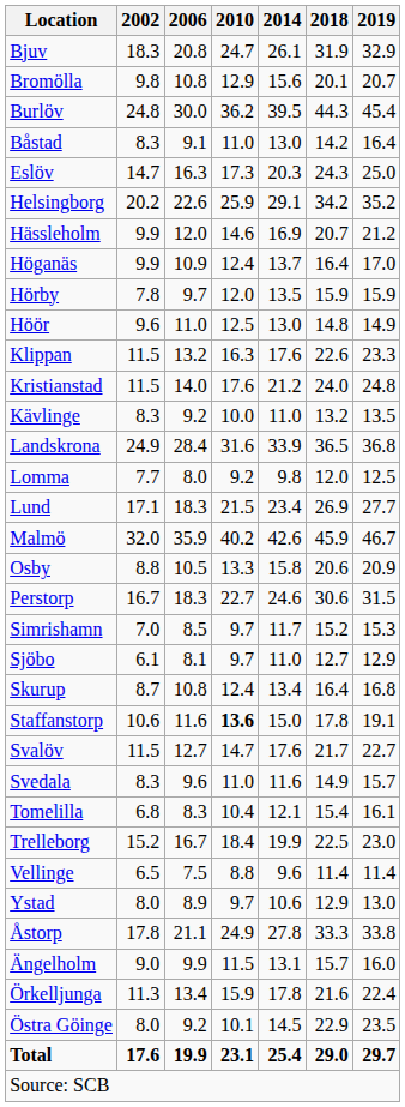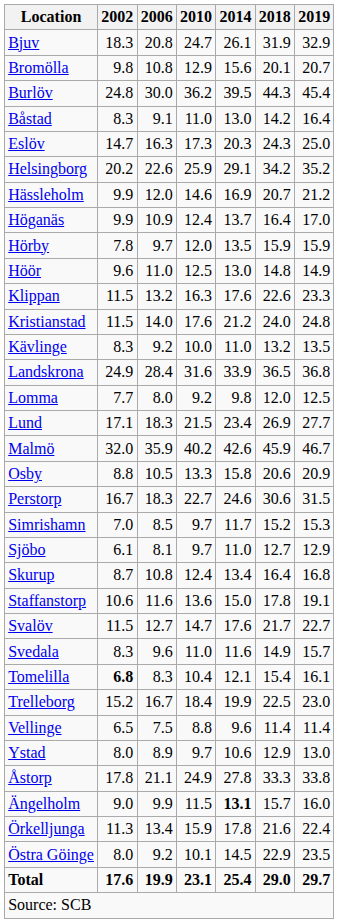 <table class="wikitable sortable" style=text-align:right>
 <tr>
 <th>Location</th>
 <th>2002</th>
 <th>2006</th>
 <th>2010</th>
 <th>2014</th>
 <th>2018</th>
 <th>2019</th>
 </tr>
 <tr>
 <td align=left><a href='#'>Bjuv</a></td>
 <td>18.3</td>
 <td>20.8</td>
 <td>24.7</td>
 <td>26.1</td>
 <td>31.9</td>
 <td>32.9</td>
 </tr>
 <tr>
 <td align=left><a href='#'>Bromölla</a></td>
 <td>9.8</td>
 <td>10.8</td>
 <td>12.9</td>
 <td>15.6</td>
 <td>20.1</td>
 <td>20.7</td>
 </tr>
 <tr>
 <td align=left><a href='#'>Burlöv</a></td>
 <td>24.8</td>
 <td>30.0</td>
 <td>36.2</td>
 <td>39.5</td>
 <td>44.3</td>
 <td>45.4</td>
 </tr>
 <tr>
 <td align=left><a href='#'>Båstad</a></td>
 <td>8.3</td>
 <td>9.1</td>
 <td>11.0</td>
 <td>13.0</td>
 <td>14.2</td>
 <td>16.4</td>
 </tr>
 <tr>
 <td align=left><a href='#'>Eslöv</a></td>
 <td>14.7</td>
 <td>16.3</td>
 <td>17.3</td>
 <td>20.3</td>
 <td>24.3</td>
 <td>25.0</td>
 </tr>
 <tr>
 <td align=left><a href='#'>Helsingborg</a></td>
 <td>20.2</td>
 <td>22.6</td>
 <td>25.9</td>
 <td>29.1</td>
 <td>34.2</td>
 <td>35.2</td>
 </tr>
 <tr>
 <td align=left><a href='#'>Hässleholm</a></td>
 <td>9.9</td>
 <td>12.0</td>
 <td>14.6</td>
 <td>16.9</td>
 <td>20.7</td>
 <td>21.2</td>
 </tr>
 <tr>
 <td align=left><a href='#'>Höganäs</a></td>
 <td>9.9</td>
 <td>10.9</td>
 <td>12.4</td>
 <td>13.7</td>
 <td>16.4</td>
 <td>17.0</td>
 </tr>
 <tr>
 <td align=left><a href='#'>Hörby</a></td>
 <td>7.8</td>
 <td>9.7</td>
 <td>12.0</td>
 <td>13.5</td>
 <td>15.9</td>
 <td>15.9</td>
 </tr>
 <tr>
 <td align=left><a href='#'>Höör</a></td>
 <td>9.6</td>
 <td>11.0</td>
 <td>12.5</td>
 <td>13.0</td>
 <td>14.8</td>
 <td>14.9</td>
 </tr>
 <tr>
 <td align=left><a href='#'>Klippan</a></td>
 <td>11.5</td>
 <td>13.2</td>
 <td>16.3</td>
 <td>17.6</td>
 <td>22.6</td>
 <td>23.3</td>
 </tr>
 <tr>
 <td align=left><a href='#'>Kristianstad</a></td>
 <td>11.5</td>
 <td>14.0</td>
 <td>17.6</td>
 <td>21.2</td>
 <td>24.0</td>
 <td>24.8</td>
 </tr>
 <tr>
 <td align=left><a href='#'>Kävlinge</a></td>
 <td>8.3</td>
 <td>9.2</td>
 <td>10.0</td>
 <td>11.0</td>
 <td>13.2</td>
 <td>13.5</td>
 </tr>
 <tr>
 <td align=left><a href='#'>Landskrona</a></td>
 <td>24.9</td>
 <td>28.4</td>
 <td>31.6</td>
 <td>33.9</td>
 <td>36.5</td>
 <td>36.8</td>
 </tr>
 <tr>
 <td align=left><a href='#'>Lomma</a></td>
 <td>7.7</td>
 <td>8.0</td>
 <td>9.2</td>
 <td>9.8</td>
 <td>12.0</td>
 <td>12.5</td>
 </tr>
 <tr>
 <td align=left><a href='#'>Lund</a></td>
 <td>17.1</td>
 <td>18.3</td>
 <td>21.5</td>
 <td>23.4</td>
 <td>26.9</td>
 <td>27.7</td>
 </tr>
 <tr>
 <td align=left><a href='#'>Malmö</a></td>
 <td>32.0</td>
 <td>35.9</td>
 <td>40.2</td>
 <td>42.6</td>
 <td>45.9</td>
 <td>46.7</td>
 </tr>
 <tr>
 <td align=left><a href='#'>Osby</a></td>
 <td>8.8</td>
 <td>10.5</td>
 <td>13.3</td>
 <td>15.8</td>
 <td>20.6</td>
 <td>20.9</td>
 </tr>
 <tr>
 <td align=left><a href='#'>Perstorp</a></td>
 <td>16.7</td>
 <td>18.3</td>
 <td>22.7</td>
 <td>24.6</td>
 <td>30.6</td>
 <td>31.5</td>
 </tr>
 <tr>
 <td align=left><a href='#'>Simrishamn</a></td>
 <td>7.0</td>
 <td>8.5</td>
 <td>9.7</td>
 <td>11.7</td>
 <td>15.2</td>
 <td>15.3</td>
 </tr>
 <tr>
 <td align=left><a href='#'>Sjöbo</a></td>
 <td>6.1</td>
 <td>8.1</td>
 <td>9.7</td>
 <td>11.0</td>
 <td>12.7</td>
 <td>12.9</td>
 </tr>
 <tr>
 <td align=left><a href='#'>Skurup</a></td>
 <td>8.7</td>
 <td>10.8</td>
 <td>12.4</td>
 <td>13.4</td>
 <td>16.4</td>
 <td>16.8</td>
 </tr>
 <tr>
 <td align=left><a href='#'>Staffanstorp</a></td>
 <td>10.6</td>
 <td>11.6</td>
-<td><strong>13.6</strong></td>
+<td>13.6</td>
 <td>15.0</td>
 <td>17.8</td>
 <td>19.1</td>
 </tr>
 <tr>
 <td align=left><a href='#'>Svalöv</a></td>
 <td>11.5</td>
 <td>12.7</td>
 <td>14.7</td>
 <td>17.6</td>
 <td>21.7</td>
 <td>22.7</td>
 </tr>
 <tr>
 <td align=left><a href='#'>Svedala</a></td>
 <td>8.3</td>
 <td>9.6</td>
 <td>11.0</td>
 <td>11.6</td>
 <td>14.9</td>
 <td>15.7</td>
 </tr>
 <tr>
 <td align=left><a href='#'>Tomelilla</a></td>
-<td>6.8</td>
+<td><strong>6.8</strong></td>
 <td>8.3</td>
 <td>10.4</td>
 <td>12.1</td>
 <td>15.4</td>
 <td>16.1</td>
 </tr>
 <tr>
 <td align=left><a href='#'>Trelleborg</a></td>
 <td>15.2</td>
 <td>16.7</td>
 <td>18.4</td>
 <td>19.9</td>
 <td>22.5</td>
 <td>23.0</td>
 </tr>
 <tr>
 <td align=left><a href='#'>Vellinge</a></td>
 <td>6.5</td>
 <td>7.5</td>
 <td>8.8</td>
 <td>9.6</td>
 <td>11.4</td>
 <td>11.4</td>
 </tr>
 <tr>
 <td align=left><a href='#'>Ystad</a></td>
 <td>8.0</td>
 <td>8.9</td>
 <td>9.7</td>
 <td>10.6</td>
 <td>12.9</td>
 <td>13.0</td>
 </tr>
 <tr>
 <td align=left><a href='#'>Åstorp</a></td>
 <td>17.8</td>
 <td>21.1</td>
 <td>24.9</td>
 <td>27.8</td>
 <td>33.3</td>
 <td>33.8</td>
 </tr>
 <tr>
 <td align=left><a href='#'>Ängelholm</a></td>
 <td>9.0</td>
 <td>9.9</td>
 <td>11.5</td>
-<td>13.1</td>
+<td><strong>13.1</strong></td>
 <td>15.7</td>
 <td>16.0</td>
 </tr>
 <tr>
 <td align=left><a href='#'>Örkelljunga</a></td>
 <td>11.3</td>
 <td>13.4</td>
 <td>15.9</td>
 <td>17.8</td>
 <td>21.6</td>
 <td>22.4</td>
 </tr>
 <tr>
 <td align=left><a href='#'>Östra Göinge</a></td>
 <td>8.0</td>
 <td>9.2</td>
 <td>10.1</td>
 <td>14.5</td>
 <td>22.9</td>
 <td>23.5</td>
 </tr>
 <tr>
 <td align=left><strong>Total</strong></td>
 <td><strong>17.6</strong></td>
 <td><strong>19.9</strong></td>
 <td><strong>23.1</strong></td>
 <td><strong>25.4</strong></td>
 <td><strong>29.0</strong></td>
 <td><strong>29.7</strong></td>
 </tr>
 <tr>
 <td align=left colspan=7>Source: SCB </td>
 </tr>
 </table>
